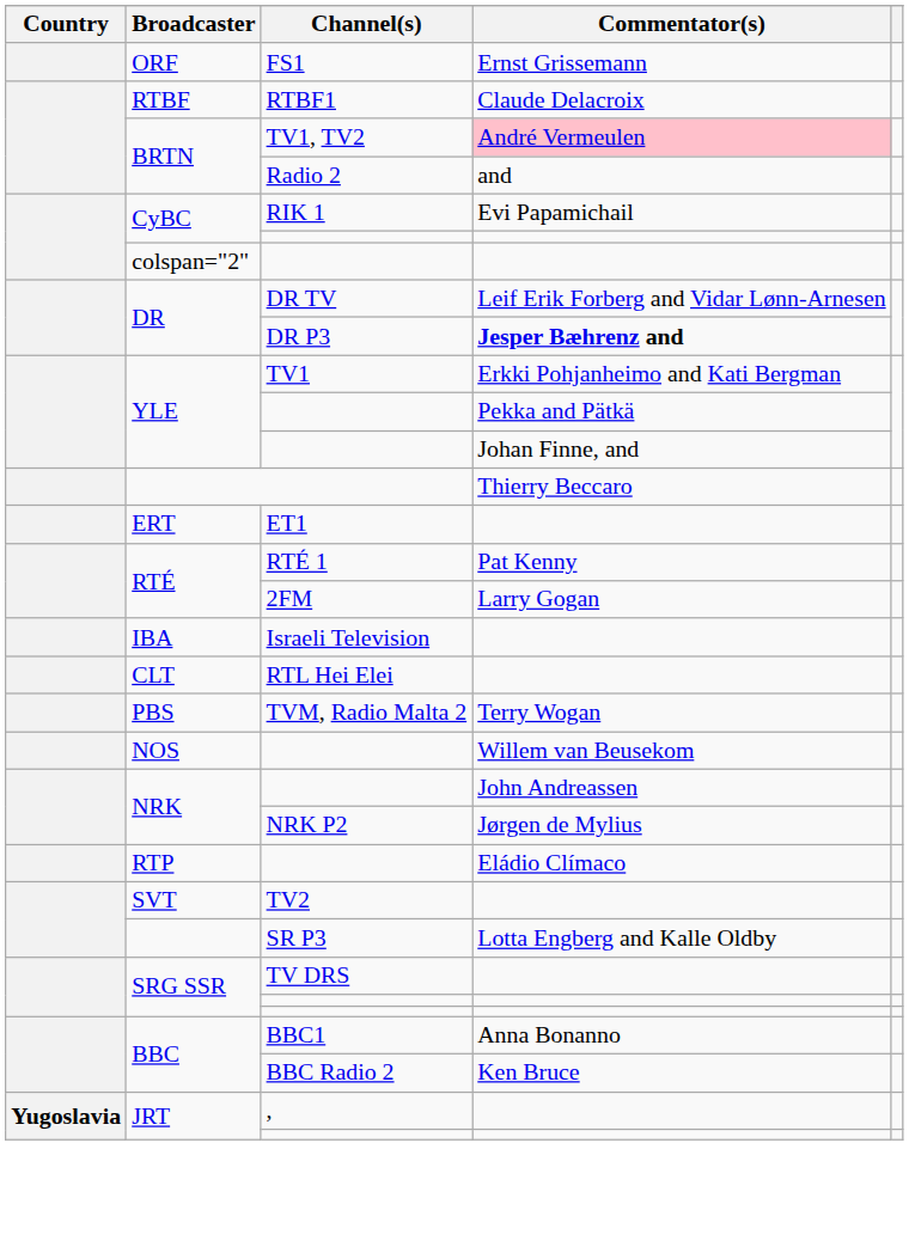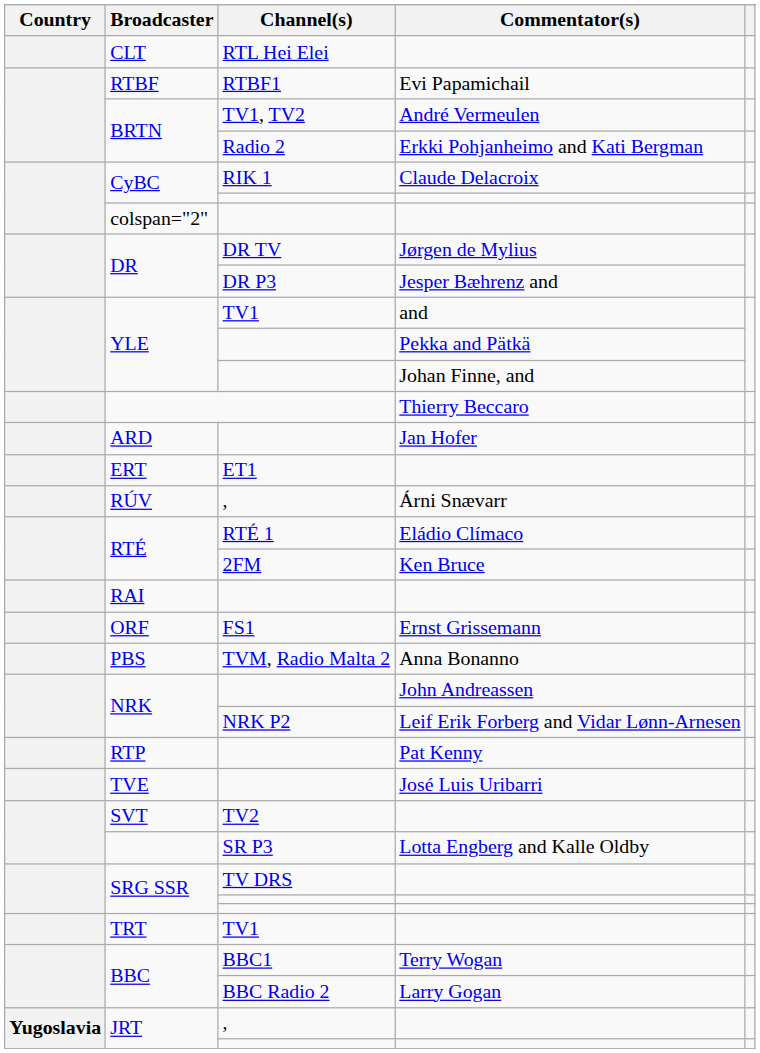 <table class="wikitable plainrowheaders sticky-header">
 <tr>
 </tr>
 <tr>
 <th scope="col">Country</th>
 <th scope="col">Broadcaster</th>
 <th scope="col">Channel(s)</th>
 <th scope="col">Commentator(s)</th>
 <th scope="col"></th>
 </tr>
 <tr>
 <th scope="row"></th>
-<td><a href='#'>ORF</a></td>
-<td><a href='#'>FS1</a></td>
-<td><a href='#'>Ernst Grissemann</a></td>
+<td><a href='#'>CLT</a></td>
+<td><a href='#'>RTL Hei Elei</a></td>
+<td></td>
 <td style="text-align:center"></td>
 </tr>
 <tr>
 <th scope="rowgroup" rowspan="3"></th>
 <td><a href='#'>RTBF</a></td>
 <td><a href='#'>RTBF1</a></td>
-<td><a href='#'>Claude Delacroix</a></td>
+<td>Evi Papamichail</td>
 <td style="text-align:center"></td>
 </tr>
 <tr>
 <td rowspan="2"><a href='#'>BRTN</a></td>
 <td><a href='#'>TV1</a>, <a href='#'>TV2</a></td>
-<td style="background: pink;"><a href='#'>André Vermeulen</a></td>
+<td><a href='#'>André Vermeulen</a></td>
 <td style="text-align:center"></td>
 </tr>
 <tr>
 <td><a href='#'>Radio 2</a></td>
-<td> and </td>
+<td><a href='#'>Erkki Pohjanheimo</a> and <a href='#'>Kati Bergman</a></td>
 <td style="text-align:center"></td>
 </tr>
 <tr>
 <th scope="rowgroup" rowspan="3"></th>
 <td rowspan="2"><a href='#'>CyBC</a></td>
 <td><a href='#'>RIK 1</a></td>
-<td>Evi Papamichail</td>
+<td><a href='#'>Claude Delacroix</a></td>
 <td style="text-align:center"></td>
 </tr>
 <tr>
 <td></td>
 <td></td>
 <td style="text-align:center"></td>
 </tr>
 <tr>
 <td>colspan="2" </td>
 <td></td>
 <td style="text-align:center"></td>
 </tr>
 <tr>
 <th scope="rowgroup" rowspan="2"></th>
 <td rowspan="2"><a href='#'>DR</a></td>
 <td><a href='#'>DR TV</a></td>
-<td><a href='#'>Leif Erik Forberg</a> and <a href='#'>Vidar Lønn-Arnesen</a></td>
+<td><a href='#'>Jørgen de Mylius</a></td>
 <td rowspan="2" style="text-align:center"></td>
 </tr>
 <tr>
 <td><a href='#'>DR P3</a></td>
-<td><strong><a href='#'>Jesper Bæhrenz</a> and </strong></td>
+<td><a href='#'>Jesper Bæhrenz</a> and </td>
 </tr>
 <tr>
 <th scope="rowgroup" rowspan="3"></th>
 <td rowspan="3"><a href='#'>YLE</a></td>
 <td><a href='#'>TV1</a></td>
-<td><a href='#'>Erkki Pohjanheimo</a> and <a href='#'>Kati Bergman</a></td>
+<td> and </td>
 <td rowspan="3" style="text-align:center"></td>
 </tr>
 <tr>
 <td></td>
 <td><a href='#'>Pekka and Pätkä</a></td>
 </tr>
 <tr>
 <td></td>
 <td>Johan Finne,  and </td>
 </tr>
 <tr>
 <th scope="row"></th>
 <td colspan="2"></td>
 <td><a href='#'>Thierry Beccaro</a></td>
 <td style="text-align:center"></td>
 </tr>
 <tr>
 <th scope="row"></th>
+<td><a href='#'>ARD</a></td>
+<td></td>
+<td><a href='#'>Jan Hofer</a></td>
+<td style="text-align:center"></td>
+</tr>
+<tr>
+<th scope="row"></th>
 <td><a href='#'>ERT</a></td>
 <td><a href='#'>ET1</a></td>
 <td></td>
 <td style="text-align:center"></td>
 </tr>
 <tr>
+<th scope="row"></th>
+<td><a href='#'>RÚV</a></td>
+<td>, </td>
+<td>Árni Snævarr</td>
+<td style="text-align:center"></td>
+</tr>
+<tr>
 <th scope="rowgroup" rowspan="2"></th>
 <td rowspan="2"><a href='#'>RTÉ</a></td>
 <td><a href='#'>RTÉ 1</a></td>
-<td><a href='#'>Pat Kenny</a></td>
+<td><a href='#'>Eládio Clímaco</a></td>
 <td style="text-align:center"></td>
 </tr>
 <tr>
 <td><a href='#'>2FM</a></td>
-<td><a href='#'>Larry Gogan</a></td>
+<td><a href='#'>Ken Bruce</a></td>
 <td style="text-align:center"></td>
 </tr>
 <tr>
 <th scope="row"></th>
-<td><a href='#'>IBA</a></td>
-<td><a href='#'>Israeli Television</a></td>
+<td><a href='#'>RAI</a></td>
+<td></td>
 <td></td>
 <td style="text-align:center"></td>
 </tr>
 <tr>
 <th scope="row"></th>
-<td><a href='#'>CLT</a></td>
-<td><a href='#'>RTL Hei Elei</a></td>
-<td></td>
+<td><a href='#'>ORF</a></td>
+<td><a href='#'>FS1</a></td>
+<td><a href='#'>Ernst Grissemann</a></td>
 <td style="text-align:center"></td>
 </tr>
 <tr>
 <th scope="row"></th>
 <td><a href='#'>PBS</a></td>
 <td><a href='#'>TVM</a>, <a href='#'>Radio Malta 2</a></td>
-<td><a href='#'>Terry Wogan</a></td>
-<td style="text-align:center"></td>
-</tr>
-<tr>
-<th scope="row"></th>
-<td><a href='#'>NOS</a></td>
-<td></td>
-<td><a href='#'>Willem van Beusekom</a></td>
+<td>Anna Bonanno</td>
 <td style="text-align:center"></td>
 </tr>
 <tr>
 <th scope="row" rowspan="2"></th>
 <td rowspan="2"><a href='#'>NRK</a></td>
 <td></td>
 <td><a href='#'>John Andreassen</a></td>
 <td style="text-align:center"></td>
 </tr>
 <tr>
 <td><a href='#'>NRK P2</a></td>
-<td><a href='#'>Jørgen de Mylius</a></td>
+<td><a href='#'>Leif Erik Forberg</a> and <a href='#'>Vidar Lønn-Arnesen</a></td>
 <td style="text-align:center"></td>
 </tr>
 <tr>
 <th scope="row"></th>
 <td><a href='#'>RTP</a></td>
 <td></td>
-<td><a href='#'>Eládio Clímaco</a></td>
+<td><a href='#'>Pat Kenny</a></td>
+<td style="text-align:center"></td>
+</tr>
+<tr>
+<th scope="row"></th>
+<td><a href='#'>TVE</a></td>
+<td></td>
+<td><a href='#'>José Luis Uribarri</a></td>
 <td style="text-align:center"></td>
 </tr>
 <tr>
 <th scope="rowgroup" rowspan="2"></th>
 <td><a href='#'>SVT</a></td>
 <td><a href='#'>TV2</a></td>
 <td></td>
 <td style="text-align:center"></td>
 </tr>
 <tr>
 <td></td>
 <td><a href='#'>SR P3</a></td>
 <td><a href='#'>Lotta Engberg</a> and Kalle Oldby</td>
 <td style="text-align:center"></td>
 </tr>
 <tr>
 <th scope="row" rowspan="3"></th>
 <td rowspan="3"><a href='#'>SRG SSR</a></td>
 <td><a href='#'>TV DRS</a></td>
 <td></td>
 <td style="text-align:center"></td>
 </tr>
 <tr>
 <td></td>
 <td></td>
 <td style="text-align:center"></td>
 </tr>
 <tr>
 <td></td>
 <td></td>
 <td style="text-align:center"></td>
 </tr>
 <tr>
+<th scope="row"></th>
+<td><a href='#'>TRT</a></td>
+<td><a href='#'>TV1</a></td>
+<td></td>
+<td style="text-align:center"></td>
+</tr>
+<tr>
 <th scope="rowgroup" rowspan="2"></th>
 <td rowspan="2"><a href='#'>BBC</a></td>
 <td><a href='#'>BBC1</a></td>
-<td>Anna Bonanno</td>
+<td><a href='#'>Terry Wogan</a></td>
 <td style="text-align:center"></td>
 </tr>
 <tr>
 <td><a href='#'>BBC Radio 2</a></td>
-<td><a href='#'>Ken Bruce</a></td>
+<td><a href='#'>Larry Gogan</a></td>
 <td style="text-align:center"></td>
 </tr>
 <tr>
 <th scope="rowgroup" rowspan="3"> Yugoslavia</th>
 <td rowspan="3"><a href='#'>JRT</a></td>
 <td>, </td>
 <td></td>
 <td style="text-align:center"></td>
 </tr>
 <tr>
 <td></td>
 <td></td>
 <td style="text-align:center"></td>
 </tr>
 </table>
